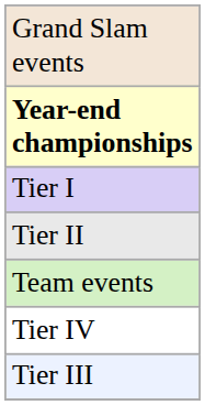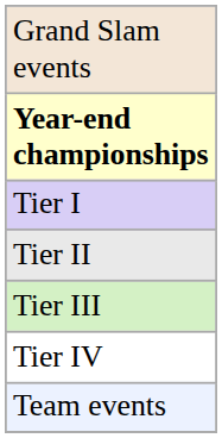 <table class="wikitable" style="font-size:90%;" width=12%>
 <tr style=background:#f3e6d7;>
 <td>Grand Slam events</td>
 </tr>
 <tr style=background:#ffc;>
 <td><strong>Year-end championships</strong></td>
 </tr>
 <tr style=background:#d8cef6;>
 <td>Tier I</td>
 </tr>
 <tr style=background:#e9e9e9;>
 <td>Tier II</td>
 </tr>
 <tr style=background:#d4f1c5;>
-<td>Team events</td>
+<td>Tier III</td>
 </tr>
 <tr style=background:#fff;>
 <td>Tier IV</td>
 </tr>
 <tr style=background:#ecf2ff;>
-<td>Tier III</td>
+<td>Team events</td>
 </tr>
 <tr>
 </tr>
 </table>
